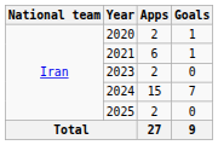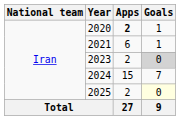 <table class="wikitable" style="text-align:center">
 <tr>
 <th>National team</th>
 <th>Year</th>
 <th>Apps</th>
 <th>Goals</th>
 </tr>
 <tr>
 <td rowspan="5"><a href='#'>Iran</a></td>
 <td>2020</td>
-<td>2</td>
+<td><strong>2</strong></td>
 <td>1</td>
 </tr>
 <tr>
 <td>2021</td>
 <td>6</td>
 <td>1</td>
 </tr>
 <tr>
 <td>2023</td>
 <td>2</td>
-<td>0</td>
+<td style="background: lightgrey;">0</td>
 </tr>
 <tr>
 <td>2024</td>
 <td>15</td>
 <td>7</td>
 </tr>
 <tr>
 <td>2025</td>
 <td>2</td>
-<td>0</td>
+<td style="background: lightyellow;">0</td>
 </tr>
 <tr>
 <th colspan="2">Total</th>
 <th>27</th>
 <th>9</th>
 </tr>
 </table>
